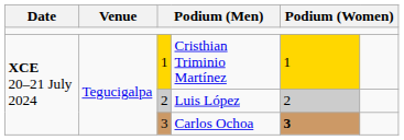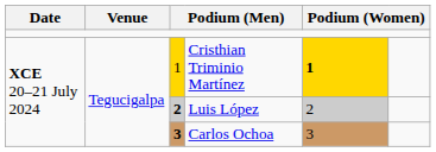 <table class="wikitable" width=70%>
 <tr>
 <th>Date</th>
 <th width=20%>Venue</th>
 <th colspan=2 width=30%>Podium (Men)</th>
 <th colspan=2 width=30%>Podium (Women)</th>
 </tr>
 <tr>
 <td colspan=6></td>
 </tr>
 <tr>
 <td rowspan=3><strong>XCE</strong> <br> 20–21 July 2024</td>
 <td rowspan=3><br><a href='#'>Tegucigalpa</a></td>
 <td bgcolor=FFD700>1</td>
 <td><a href='#'>Cristhian Triminio Martínez</a></td>
-<td bgcolor=FFD700>1</td>
+<td bgcolor=FFD700><strong>1</strong></td>
 <td></td>
 </tr>
 <tr>
-<td bgcolor=CCCCCC>2</td>
+<td bgcolor=CCCCCC><strong>2</strong></td>
 <td><a href='#'>Luis López</a></td>
 <td bgcolor=CCCCCC>2</td>
 <td></td>
 </tr>
 <tr>
+<td bgcolor=CC9966><strong>3</strong></td>
+<td><a href='#'>Carlos Ochoa</a></td>
 <td bgcolor=CC9966>3</td>
-<td><a href='#'>Carlos Ochoa</a></td>
-<td bgcolor=CC9966><strong>3</strong></td>
 <td></td>
 </tr>
 </table>
